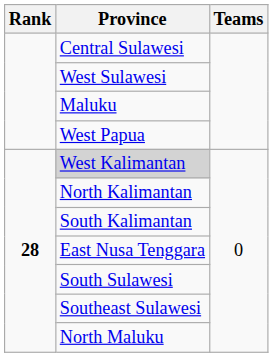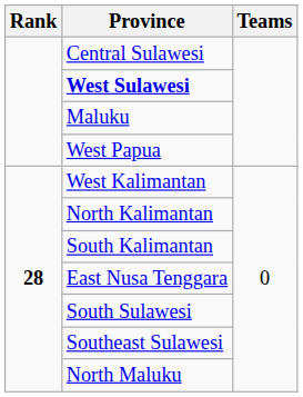 <table class="wikitable">
 <tr>
 <th>Rank</th>
 <th>Province</th>
 <th>Teams</th>
 </tr>
 <tr>
 <td align=center rowspan=4></td>
 <td><a href='#'>Central Sulawesi</a></td>
 <td align=center rowspan=4></td>
 </tr>
 <tr>
-<td><a href='#'>West Sulawesi</a></td>
+<td><strong><a href='#'>West Sulawesi</a></strong></td>
 </tr>
 <tr>
 <td><a href='#'>Maluku</a></td>
 </tr>
 <tr>
 <td><a href='#'>West Papua</a></td>
 </tr>
 <tr>
 <td align=center rowspan=7><strong>28</strong></td>
-<td style="background: lightgrey;"><a href='#'>West Kalimantan</a></td>
+<td><a href='#'>West Kalimantan</a></td>
 <td align=center rowspan=7>0</td>
 </tr>
 <tr>
 <td><a href='#'>North Kalimantan</a></td>
 </tr>
 <tr>
 <td><a href='#'>South Kalimantan</a></td>
 </tr>
 <tr>
 <td><a href='#'>East Nusa Tenggara</a></td>
 </tr>
 <tr>
 <td><a href='#'>South Sulawesi</a></td>
 </tr>
 <tr>
 <td><a href='#'>Southeast Sulawesi</a></td>
 </tr>
 <tr>
 <td><a href='#'>North Maluku</a></td>
 </tr>
 </table>
